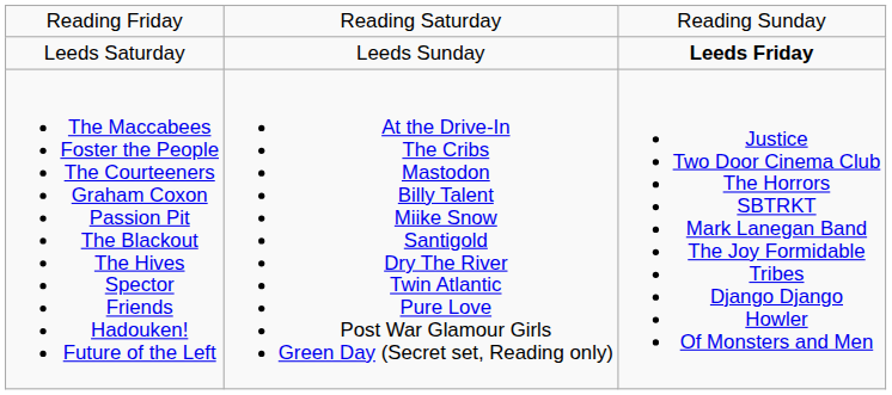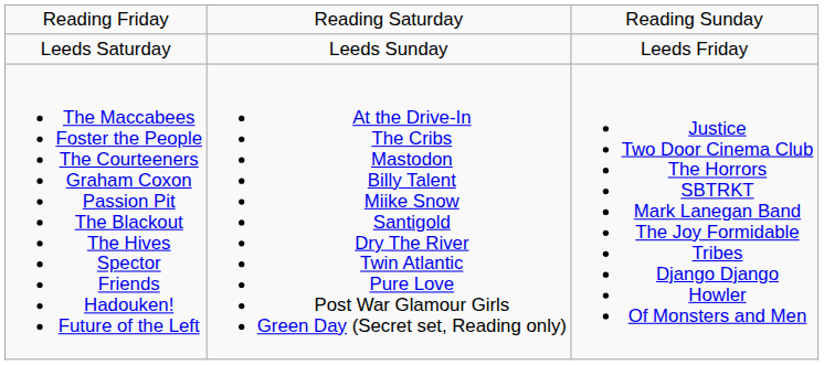 <table class="wikitable plainrowheaders" style="text-align:center;">
 <tr>
 <td>Reading Friday</td>
 <td>Reading Saturday</td>
 <td>Reading Sunday</td>
 </tr>
 <tr>
 <td>Leeds Saturday</td>
 <td>Leeds Sunday</td>
-<td><strong>Leeds Friday</strong></td>
+<td>Leeds Friday</td>
 </tr>
 <tr>
 <td><br><ul><li><a href='#'>The Maccabees</a></li><li><a href='#'>Foster the People</a></li><li><a href='#'>The Courteeners</a></li><li><a href='#'>Graham Coxon</a></li><li><a href='#'>Passion Pit</a></li><li><a href='#'>The Blackout</a></li><li><a href='#'>The Hives</a></li><li><a href='#'>Spector</a></li><li><a href='#'>Friends</a></li><li><a href='#'>Hadouken!</a></li><li><a href='#'>Future of the Left</a></li></ul></td>
 <td><br><ul><li><a href='#'>At the Drive-In</a></li><li><a href='#'>The Cribs</a></li><li><a href='#'>Mastodon</a></li><li><a href='#'>Billy Talent</a></li><li><a href='#'>Miike Snow</a></li><li><a href='#'>Santigold</a></li><li><a href='#'>Dry The River</a></li><li><a href='#'>Twin Atlantic</a></li><li><a href='#'>Pure Love</a></li><li>Post War Glamour Girls</li><li><a href='#'>Green Day</a> (Secret set, Reading only)</li></ul></td>
 <td><br><ul><li><a href='#'>Justice</a></li><li><a href='#'>Two Door Cinema Club</a></li><li><a href='#'>The Horrors</a></li><li><a href='#'>SBTRKT</a></li><li><a href='#'>Mark Lanegan Band</a></li><li><a href='#'>The Joy Formidable</a></li><li><a href='#'>Tribes</a></li><li><a href='#'>Django Django</a></li><li><a href='#'>Howler</a></li><li><a href='#'>Of Monsters and Men</a></li></ul></td>
 </tr>
 </table>
